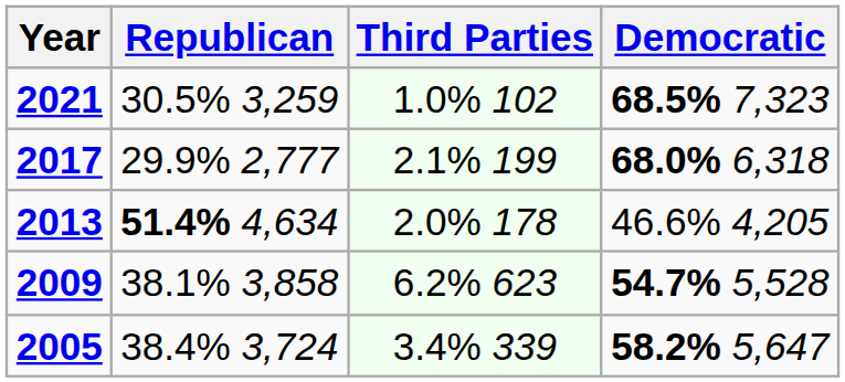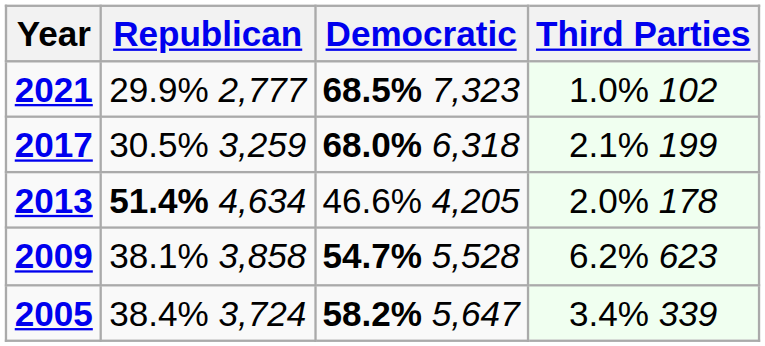 <table class="wikitable" style="float:right; font-size:95%;">
 <tr bgcolor=lightgrey>
 <th>Year</th>
 <th><a href='#'>Republican</a></th>
+<th><a href='#'>Democratic</a></th>
 <th><a href='#'>Third Parties</a></th>
-<th><a href='#'>Democratic</a></th>
 </tr>
 <tr>
 <td style="text-align:center; "><strong><a href='#'>2021</a></strong></td>
-<td style="text-align:center; ">30.5% <em>3,259</em></td>
+<td style="text-align:center; ">29.9% <em>2,777</em></td>
+<td style="text-align:center; "><strong>68.5%</strong>  <em>7,323</em></td>
 <td style="text-align:center; background:honeyDew;">1.0% <em>102</em></td>
-<td style="text-align:center; "><strong>68.5%</strong>  <em>7,323</em></td>
 </tr>
 <tr>
 <td style="text-align:center; "><strong><a href='#'>2017</a></strong></td>
-<td style="text-align:center; ">29.9% <em>2,777</em></td>
+<td style="text-align:center; ">30.5% <em>3,259</em></td>
+<td style="text-align:center; "><strong>68.0%</strong>  <em>6,318</em></td>
 <td style="text-align:center; background:honeyDew;">2.1% <em>199</em></td>
-<td style="text-align:center; "><strong>68.0%</strong>  <em>6,318</em></td>
 </tr>
 <tr>
 <td style="text-align:center; "><strong><a href='#'>2013</a></strong></td>
 <td style="text-align:center; "><strong>51.4%</strong> <em>4,634</em></td>
+<td style="text-align:center; ">46.6%  <em>4,205</em></td>
 <td style="text-align:center; background:honeyDew;">2.0% <em>178</em></td>
-<td style="text-align:center; ">46.6%  <em>4,205</em></td>
 </tr>
 <tr>
 <td style="text-align:center; "><strong><a href='#'>2009</a></strong></td>
 <td style="text-align:center; ">38.1% <em>3,858</em></td>
+<td style="text-align:center; "><strong>54.7%</strong>  <em>5,528</em></td>
 <td style="text-align:center; background:honeyDew;">6.2% <em>623</em></td>
-<td style="text-align:center; "><strong>54.7%</strong>  <em>5,528</em></td>
 </tr>
 <tr>
 <td style="text-align:center; "><strong><a href='#'>2005</a></strong></td>
 <td style="text-align:center; ">38.4% <em>3,724</em></td>
+<td style="text-align:center; "><strong>58.2%</strong>  <em>5,647</em></td>
 <td style="text-align:center; background:honeyDew;">3.4% <em>339</em></td>
-<td style="text-align:center; "><strong>58.2%</strong>  <em>5,647</em></td>
 </tr>
 </table>
